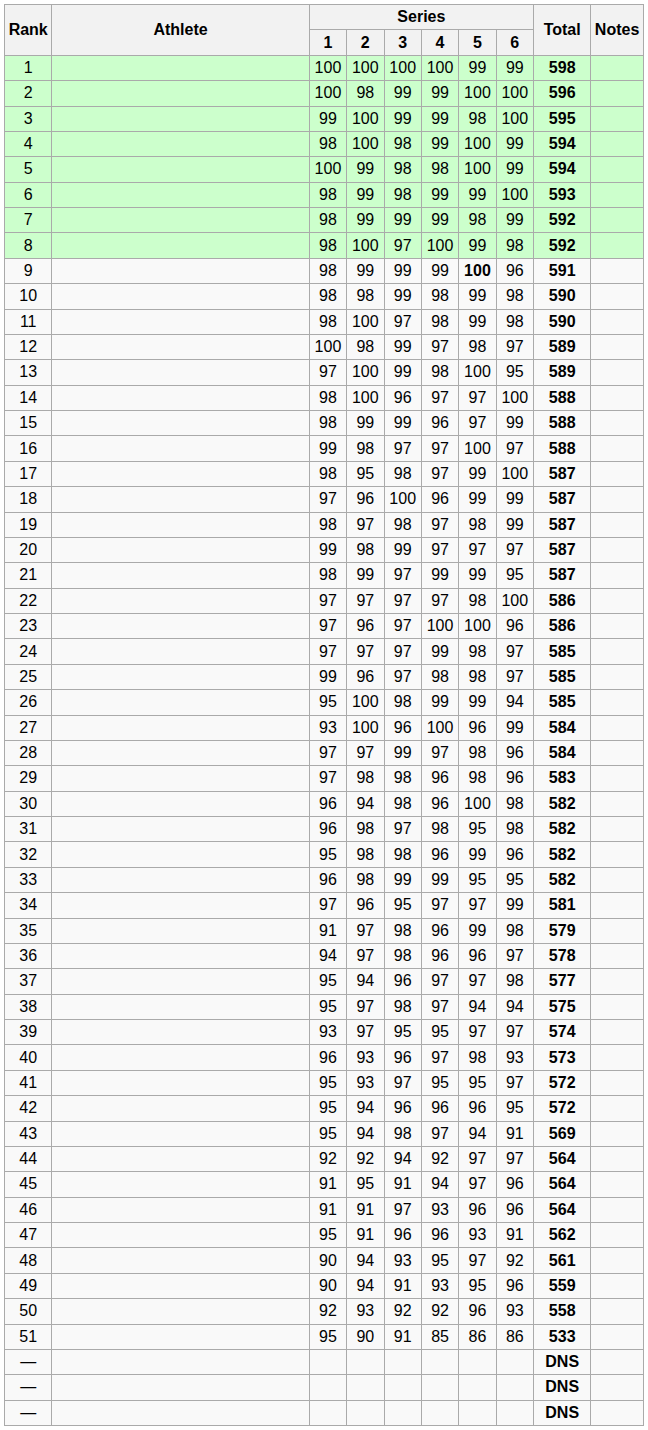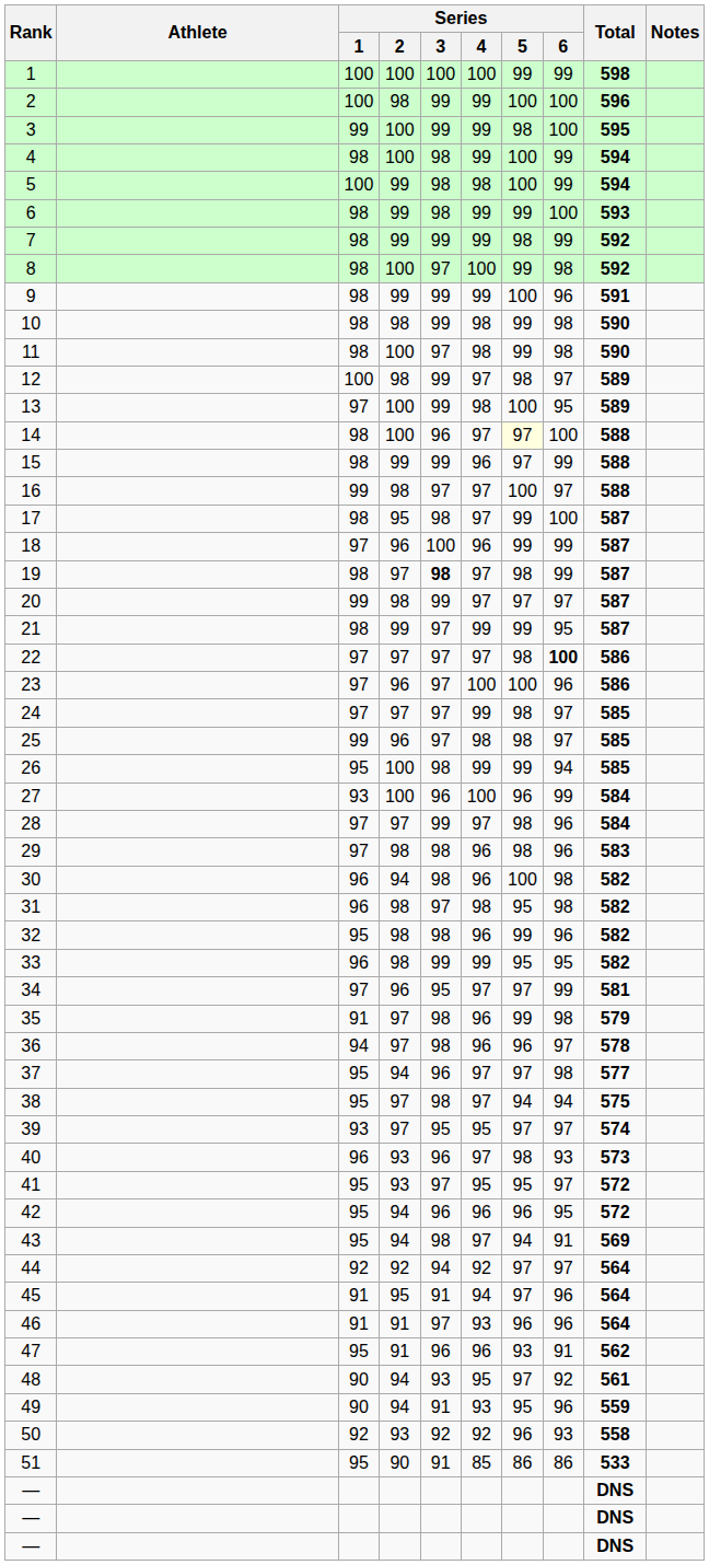 <table class="wikitable" style="text-align:center">
 <tr>
 <th rowspan=2 width=40>Rank</th>
 <th rowspan=2 width=250>Athlete</th>
 <th colspan=6>Series</th>
 <th rowspan=2 width=50>Total</th>
 <th rowspan=2 width=45>Notes</th>
 </tr>
 <tr>
 <th width=30>1</th>
 <th width=30>2</th>
 <th width=30>3</th>
 <th width=30>4</th>
 <th width=30>5</th>
 <th width=30>6</th>
 </tr>
 <tr bgcolor=ccffcc>
 <td>1</td>
 <td align=left></td>
 <td>100</td>
 <td>100</td>
 <td>100</td>
 <td>100</td>
 <td>99</td>
 <td>99</td>
 <td><strong>598</strong></td>
 <td></td>
 </tr>
 <tr bgcolor=ccffcc>
 <td>2</td>
 <td align=left></td>
 <td>100</td>
 <td>98</td>
 <td>99</td>
 <td>99</td>
 <td>100</td>
 <td>100</td>
 <td><strong>596</strong></td>
 <td></td>
 </tr>
 <tr bgcolor=ccffcc>
 <td>3</td>
 <td align=left></td>
 <td>99</td>
 <td>100</td>
 <td>99</td>
 <td>99</td>
 <td>98</td>
 <td>100</td>
 <td><strong>595</strong></td>
 <td></td>
 </tr>
 <tr bgcolor=ccffcc>
 <td>4</td>
 <td align=left></td>
 <td>98</td>
 <td>100</td>
 <td>98</td>
 <td>99</td>
 <td>100</td>
 <td>99</td>
 <td><strong>594</strong></td>
 <td></td>
 </tr>
 <tr bgcolor=ccffcc>
 <td>5</td>
 <td align=left></td>
 <td>100</td>
 <td>99</td>
 <td>98</td>
 <td>98</td>
 <td>100</td>
 <td>99</td>
 <td><strong>594</strong></td>
 <td></td>
 </tr>
 <tr bgcolor=ccffcc>
 <td>6</td>
 <td align=left></td>
 <td>98</td>
 <td>99</td>
 <td>98</td>
 <td>99</td>
 <td>99</td>
 <td>100</td>
 <td><strong>593</strong></td>
 <td></td>
 </tr>
 <tr bgcolor=ccffcc>
 <td>7</td>
 <td align=left></td>
 <td>98</td>
 <td>99</td>
 <td>99</td>
 <td>99</td>
 <td>98</td>
 <td>99</td>
 <td><strong>592</strong></td>
 <td></td>
 </tr>
 <tr bgcolor=ccffcc>
 <td>8</td>
 <td align=left></td>
 <td>98</td>
 <td>100</td>
 <td>97</td>
 <td>100</td>
 <td>99</td>
 <td>98</td>
 <td><strong>592</strong></td>
 <td></td>
 </tr>
 <tr>
 <td>9</td>
 <td align=left></td>
 <td>98</td>
 <td>99</td>
 <td>99</td>
 <td>99</td>
-<td><strong>100</strong></td>
+<td>100</td>
 <td>96</td>
 <td><strong>591</strong></td>
 <td></td>
 </tr>
 <tr>
 <td>10</td>
 <td align=left></td>
 <td>98</td>
 <td>98</td>
 <td>99</td>
 <td>98</td>
 <td>99</td>
 <td>98</td>
 <td><strong>590</strong></td>
 <td></td>
 </tr>
 <tr>
 <td>11</td>
 <td align=left></td>
 <td>98</td>
 <td>100</td>
 <td>97</td>
 <td>98</td>
 <td>99</td>
 <td>98</td>
 <td><strong>590</strong></td>
 <td></td>
 </tr>
 <tr>
 <td>12</td>
 <td align=left></td>
 <td>100</td>
 <td>98</td>
 <td>99</td>
 <td>97</td>
 <td>98</td>
 <td>97</td>
 <td><strong>589</strong></td>
 <td></td>
 </tr>
 <tr>
 <td>13</td>
 <td align=left></td>
 <td>97</td>
 <td>100</td>
 <td>99</td>
 <td>98</td>
 <td>100</td>
 <td>95</td>
 <td><strong>589</strong></td>
 <td></td>
 </tr>
 <tr>
 <td>14</td>
 <td align=left></td>
 <td>98</td>
 <td>100</td>
 <td>96</td>
 <td>97</td>
-<td>97</td>
+<td style="background: lightyellow;">97</td>
 <td>100</td>
 <td><strong>588</strong></td>
 <td></td>
 </tr>
 <tr>
 <td>15</td>
 <td align=left></td>
 <td>98</td>
 <td>99</td>
 <td>99</td>
 <td>96</td>
 <td>97</td>
 <td>99</td>
 <td><strong>588</strong></td>
 <td></td>
 </tr>
 <tr>
 <td>16</td>
 <td align=left></td>
 <td>99</td>
 <td>98</td>
 <td>97</td>
 <td>97</td>
 <td>100</td>
 <td>97</td>
 <td><strong>588</strong></td>
 <td></td>
 </tr>
 <tr>
 <td>17</td>
 <td align=left></td>
 <td>98</td>
 <td>95</td>
 <td>98</td>
 <td>97</td>
 <td>99</td>
 <td>100</td>
 <td><strong>587</strong></td>
 <td></td>
 </tr>
 <tr>
 <td>18</td>
 <td align=left></td>
 <td>97</td>
 <td>96</td>
 <td>100</td>
 <td>96</td>
 <td>99</td>
 <td>99</td>
 <td><strong>587</strong></td>
 <td></td>
 </tr>
 <tr>
 <td>19</td>
 <td align=left></td>
 <td>98</td>
 <td>97</td>
-<td>98</td>
+<td><strong>98</strong></td>
 <td>97</td>
 <td>98</td>
 <td>99</td>
 <td><strong>587</strong></td>
 <td></td>
 </tr>
 <tr>
 <td>20</td>
 <td align=left></td>
 <td>99</td>
 <td>98</td>
 <td>99</td>
 <td>97</td>
 <td>97</td>
 <td>97</td>
 <td><strong>587</strong></td>
 <td></td>
 </tr>
 <tr>
 <td>21</td>
 <td align=left></td>
 <td>98</td>
 <td>99</td>
 <td>97</td>
 <td>99</td>
 <td>99</td>
 <td>95</td>
 <td><strong>587</strong></td>
 <td></td>
 </tr>
 <tr>
 <td>22</td>
 <td align=left></td>
 <td>97</td>
 <td>97</td>
 <td>97</td>
 <td>97</td>
 <td>98</td>
-<td>100</td>
+<td><strong>100</strong></td>
 <td><strong>586</strong></td>
 <td></td>
 </tr>
 <tr>
 <td>23</td>
 <td align=left></td>
 <td>97</td>
 <td>96</td>
 <td>97</td>
 <td>100</td>
 <td>100</td>
 <td>96</td>
 <td><strong>586</strong></td>
 <td></td>
 </tr>
 <tr>
 <td>24</td>
 <td align=left></td>
 <td>97</td>
 <td>97</td>
 <td>97</td>
 <td>99</td>
 <td>98</td>
 <td>97</td>
 <td><strong>585</strong></td>
 <td></td>
 </tr>
 <tr>
 <td>25</td>
 <td align=left></td>
 <td>99</td>
 <td>96</td>
 <td>97</td>
 <td>98</td>
 <td>98</td>
 <td>97</td>
 <td><strong>585</strong></td>
 <td></td>
 </tr>
 <tr>
 <td>26</td>
 <td align=left></td>
 <td>95</td>
 <td>100</td>
 <td>98</td>
 <td>99</td>
 <td>99</td>
 <td>94</td>
 <td><strong>585</strong></td>
 <td></td>
 </tr>
 <tr>
 <td>27</td>
 <td align=left></td>
 <td>93</td>
 <td>100</td>
 <td>96</td>
 <td>100</td>
 <td>96</td>
 <td>99</td>
 <td><strong>584</strong></td>
 <td></td>
 </tr>
 <tr>
 <td>28</td>
 <td align=left></td>
 <td>97</td>
 <td>97</td>
 <td>99</td>
 <td>97</td>
 <td>98</td>
 <td>96</td>
 <td><strong>584</strong></td>
 <td></td>
 </tr>
 <tr>
 <td>29</td>
 <td align=left></td>
 <td>97</td>
 <td>98</td>
 <td>98</td>
 <td>96</td>
 <td>98</td>
 <td>96</td>
 <td><strong>583</strong></td>
 <td></td>
 </tr>
 <tr>
 <td>30</td>
 <td align=left></td>
 <td>96</td>
 <td>94</td>
 <td>98</td>
 <td>96</td>
 <td>100</td>
 <td>98</td>
 <td><strong>582</strong></td>
 <td></td>
 </tr>
 <tr>
 <td>31</td>
 <td align=left></td>
 <td>96</td>
 <td>98</td>
 <td>97</td>
 <td>98</td>
 <td>95</td>
 <td>98</td>
 <td><strong>582</strong></td>
 <td></td>
 </tr>
 <tr>
 <td>32</td>
 <td align=left></td>
 <td>95</td>
 <td>98</td>
 <td>98</td>
 <td>96</td>
 <td>99</td>
 <td>96</td>
 <td><strong>582</strong></td>
 <td></td>
 </tr>
 <tr>
 <td>33</td>
 <td align=left></td>
 <td>96</td>
 <td>98</td>
 <td>99</td>
 <td>99</td>
 <td>95</td>
 <td>95</td>
 <td><strong>582</strong></td>
 <td></td>
 </tr>
 <tr>
 <td>34</td>
 <td align=left></td>
 <td>97</td>
 <td>96</td>
 <td>95</td>
 <td>97</td>
 <td>97</td>
 <td>99</td>
 <td><strong>581</strong></td>
 <td></td>
 </tr>
 <tr>
 <td>35</td>
 <td align=left></td>
 <td>91</td>
 <td>97</td>
 <td>98</td>
 <td>96</td>
 <td>99</td>
 <td>98</td>
 <td><strong>579</strong></td>
 <td></td>
 </tr>
 <tr>
 <td>36</td>
 <td align=left></td>
 <td>94</td>
 <td>97</td>
 <td>98</td>
 <td>96</td>
 <td>96</td>
 <td>97</td>
 <td><strong>578</strong></td>
 <td></td>
 </tr>
 <tr>
 <td>37</td>
 <td align=left></td>
 <td>95</td>
 <td>94</td>
 <td>96</td>
 <td>97</td>
 <td>97</td>
 <td>98</td>
 <td><strong>577</strong></td>
 <td></td>
 </tr>
 <tr>
 <td>38</td>
 <td align=left></td>
 <td>95</td>
 <td>97</td>
 <td>98</td>
 <td>97</td>
 <td>94</td>
 <td>94</td>
 <td><strong>575</strong></td>
 <td></td>
 </tr>
 <tr>
 <td>39</td>
 <td align=left></td>
 <td>93</td>
 <td>97</td>
 <td>95</td>
 <td>95</td>
 <td>97</td>
 <td>97</td>
 <td><strong>574</strong></td>
 <td></td>
 </tr>
 <tr>
 <td>40</td>
 <td align=left></td>
 <td>96</td>
 <td>93</td>
 <td>96</td>
 <td>97</td>
 <td>98</td>
 <td>93</td>
 <td><strong>573</strong></td>
 <td></td>
 </tr>
 <tr>
 <td>41</td>
 <td align=left></td>
 <td>95</td>
 <td>93</td>
 <td>97</td>
 <td>95</td>
 <td>95</td>
 <td>97</td>
 <td><strong>572</strong></td>
 <td></td>
 </tr>
 <tr>
 <td>42</td>
 <td align=left></td>
 <td>95</td>
 <td>94</td>
 <td>96</td>
 <td>96</td>
 <td>96</td>
 <td>95</td>
 <td><strong>572</strong></td>
 <td></td>
 </tr>
 <tr>
 <td>43</td>
 <td align=left></td>
 <td>95</td>
 <td>94</td>
 <td>98</td>
 <td>97</td>
 <td>94</td>
 <td>91</td>
 <td><strong>569</strong></td>
 <td></td>
 </tr>
 <tr>
 <td>44</td>
 <td align=left></td>
 <td>92</td>
 <td>92</td>
 <td>94</td>
 <td>92</td>
 <td>97</td>
 <td>97</td>
 <td><strong>564</strong></td>
 <td></td>
 </tr>
 <tr>
 <td>45</td>
 <td align=left></td>
 <td>91</td>
 <td>95</td>
 <td>91</td>
 <td>94</td>
 <td>97</td>
 <td>96</td>
 <td><strong>564</strong></td>
 <td></td>
 </tr>
 <tr>
 <td>46</td>
 <td align=left></td>
 <td>91</td>
 <td>91</td>
 <td>97</td>
 <td>93</td>
 <td>96</td>
 <td>96</td>
 <td><strong>564</strong></td>
 <td></td>
 </tr>
 <tr>
 <td>47</td>
 <td align=left></td>
 <td>95</td>
 <td>91</td>
 <td>96</td>
 <td>96</td>
 <td>93</td>
 <td>91</td>
 <td><strong>562</strong></td>
 <td></td>
 </tr>
 <tr>
 <td>48</td>
 <td align=left></td>
 <td>90</td>
 <td>94</td>
 <td>93</td>
 <td>95</td>
 <td>97</td>
 <td>92</td>
 <td><strong>561</strong></td>
 <td></td>
 </tr>
 <tr>
 <td>49</td>
 <td align=left></td>
 <td>90</td>
 <td>94</td>
 <td>91</td>
 <td>93</td>
 <td>95</td>
 <td>96</td>
 <td><strong>559</strong></td>
 <td></td>
 </tr>
 <tr>
 <td>50</td>
 <td align=left></td>
 <td>92</td>
 <td>93</td>
 <td>92</td>
 <td>92</td>
 <td>96</td>
 <td>93</td>
 <td><strong>558</strong></td>
 <td></td>
 </tr>
 <tr>
 <td>51</td>
 <td align=left></td>
 <td>95</td>
 <td>90</td>
 <td>91</td>
 <td>85</td>
 <td>86</td>
 <td>86</td>
 <td><strong>533</strong></td>
 <td></td>
 </tr>
 <tr>
 <td>—</td>
 <td align=left></td>
 <td></td>
 <td></td>
 <td></td>
 <td></td>
 <td></td>
 <td></td>
 <td><strong>DNS</strong></td>
 <td></td>
 </tr>
 <tr>
 <td>—</td>
 <td align=left></td>
 <td></td>
 <td></td>
 <td></td>
 <td></td>
 <td></td>
 <td></td>
 <td><strong>DNS</strong></td>
 <td></td>
 </tr>
 <tr>
 <td>—</td>
 <td align=left></td>
 <td></td>
 <td></td>
 <td></td>
 <td></td>
 <td></td>
 <td></td>
 <td><strong>DNS</strong></td>
 <td></td>
 </tr>
 </table>
